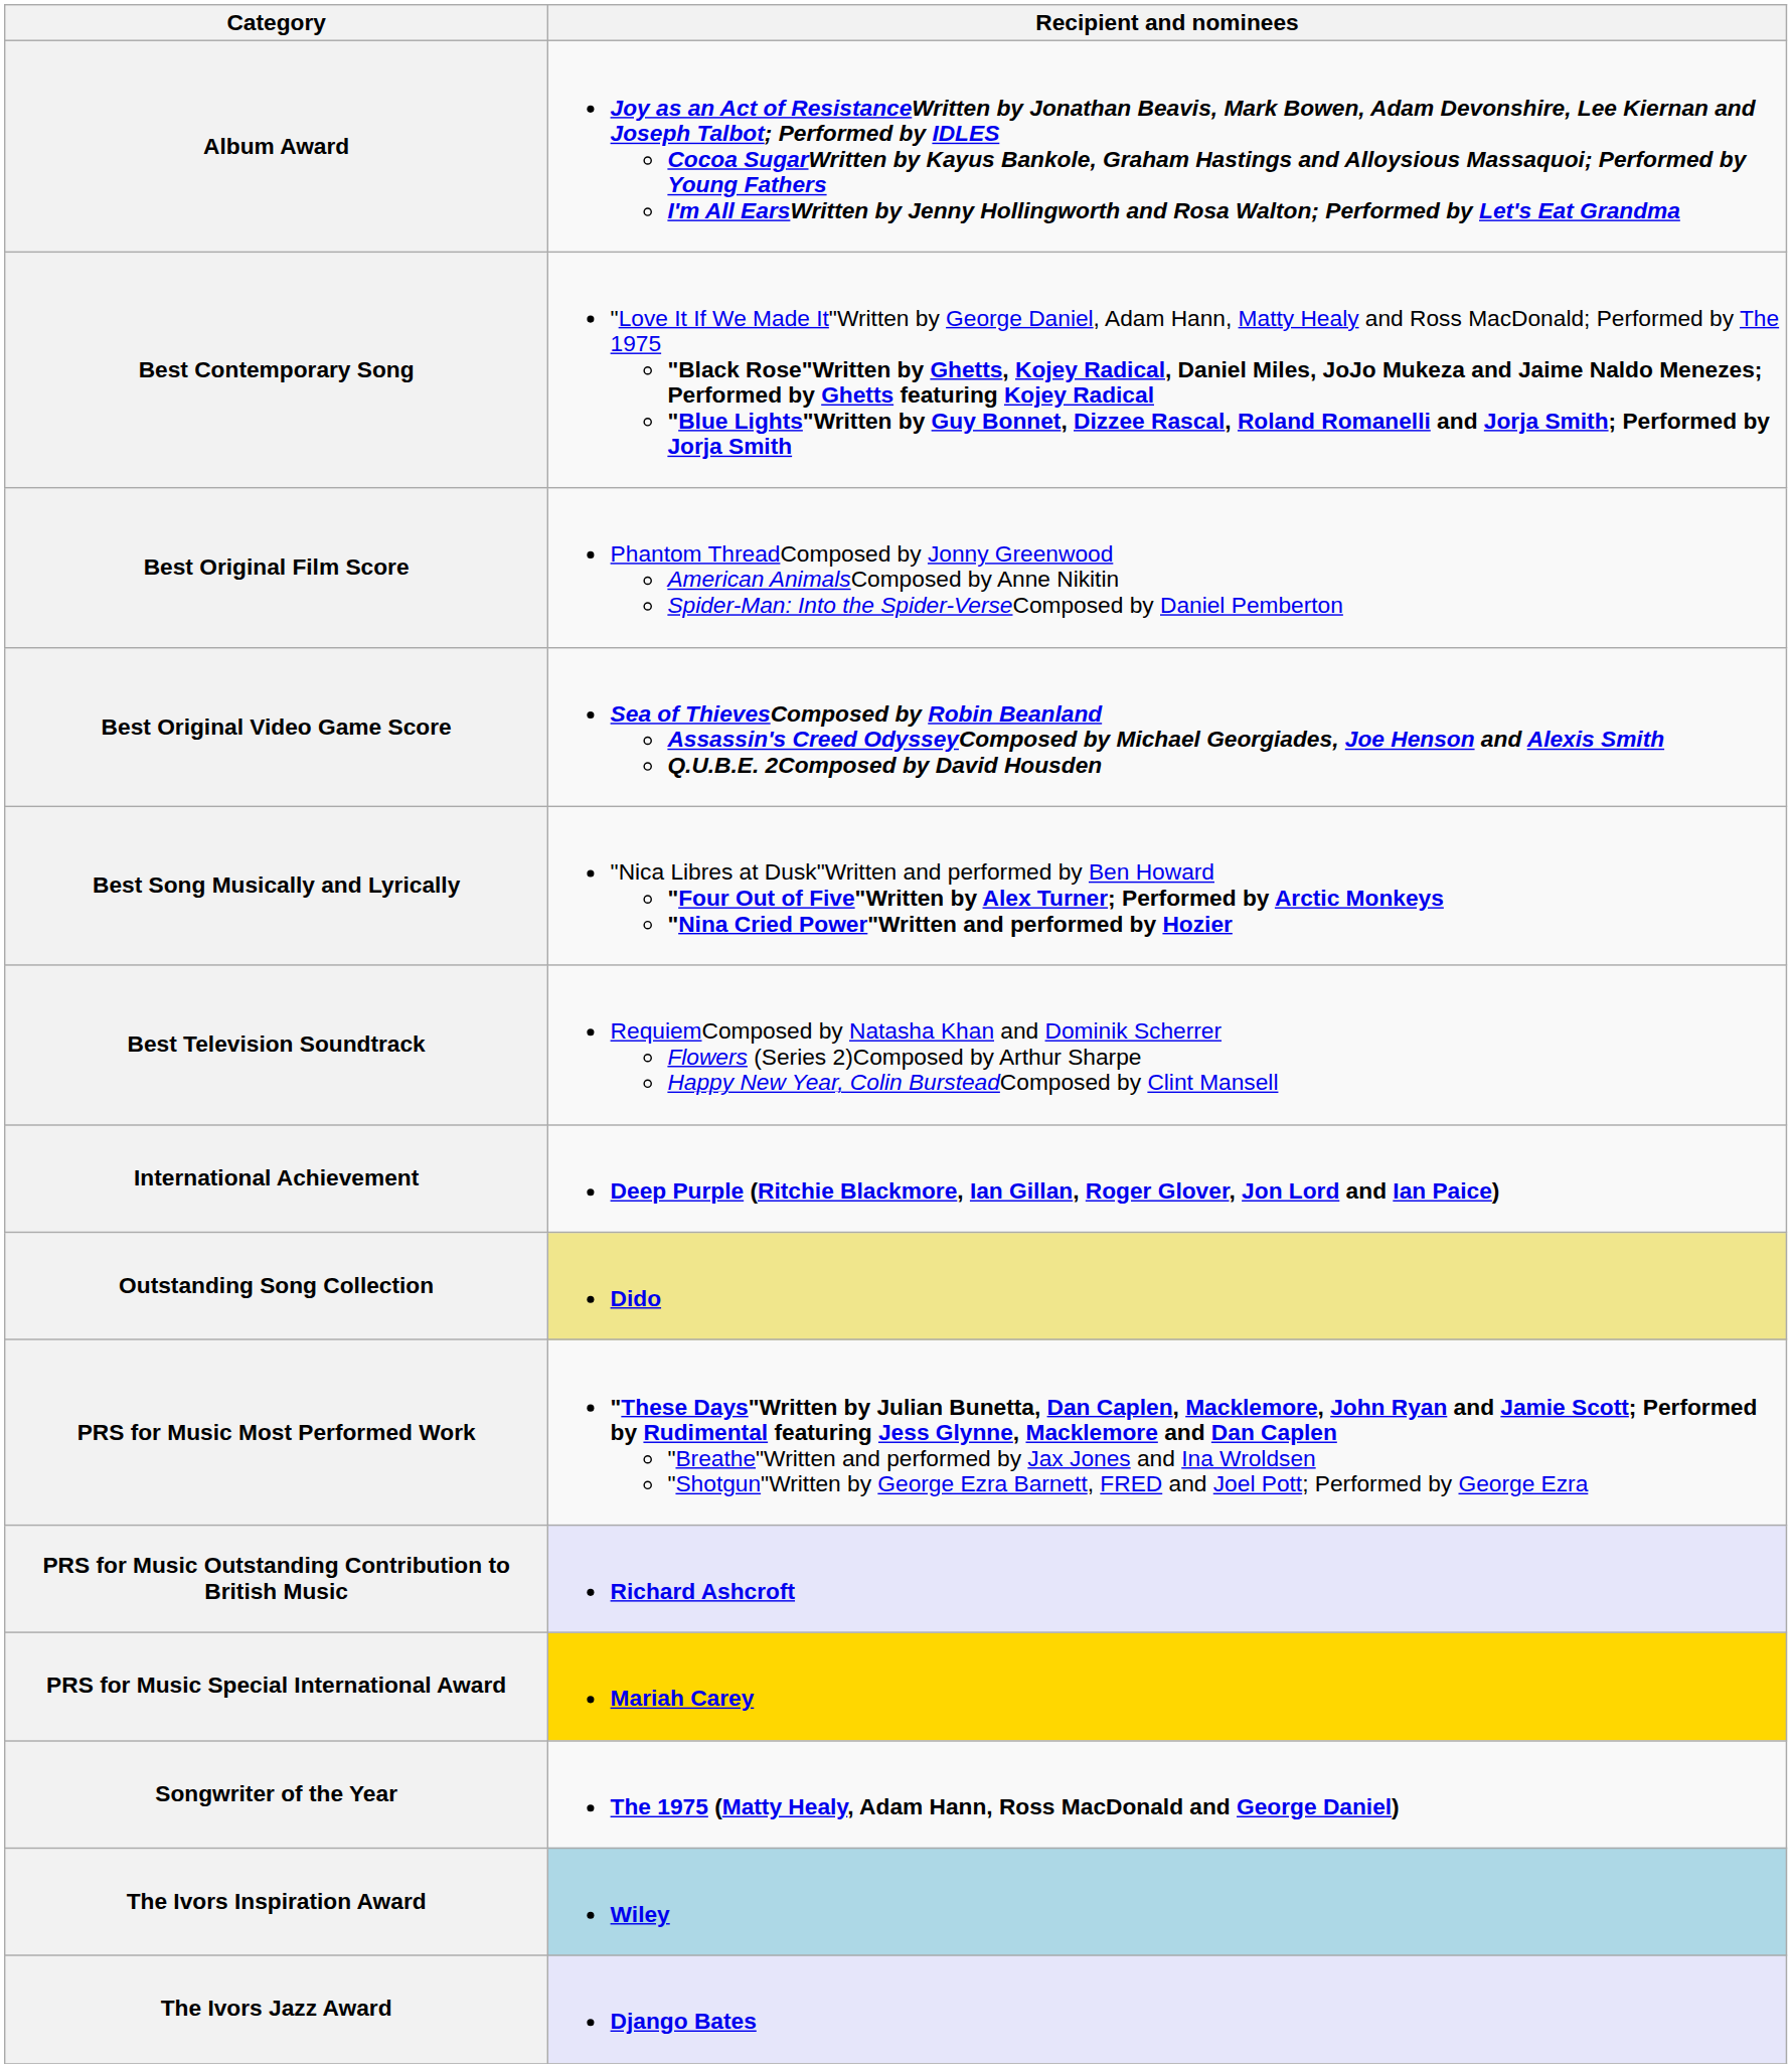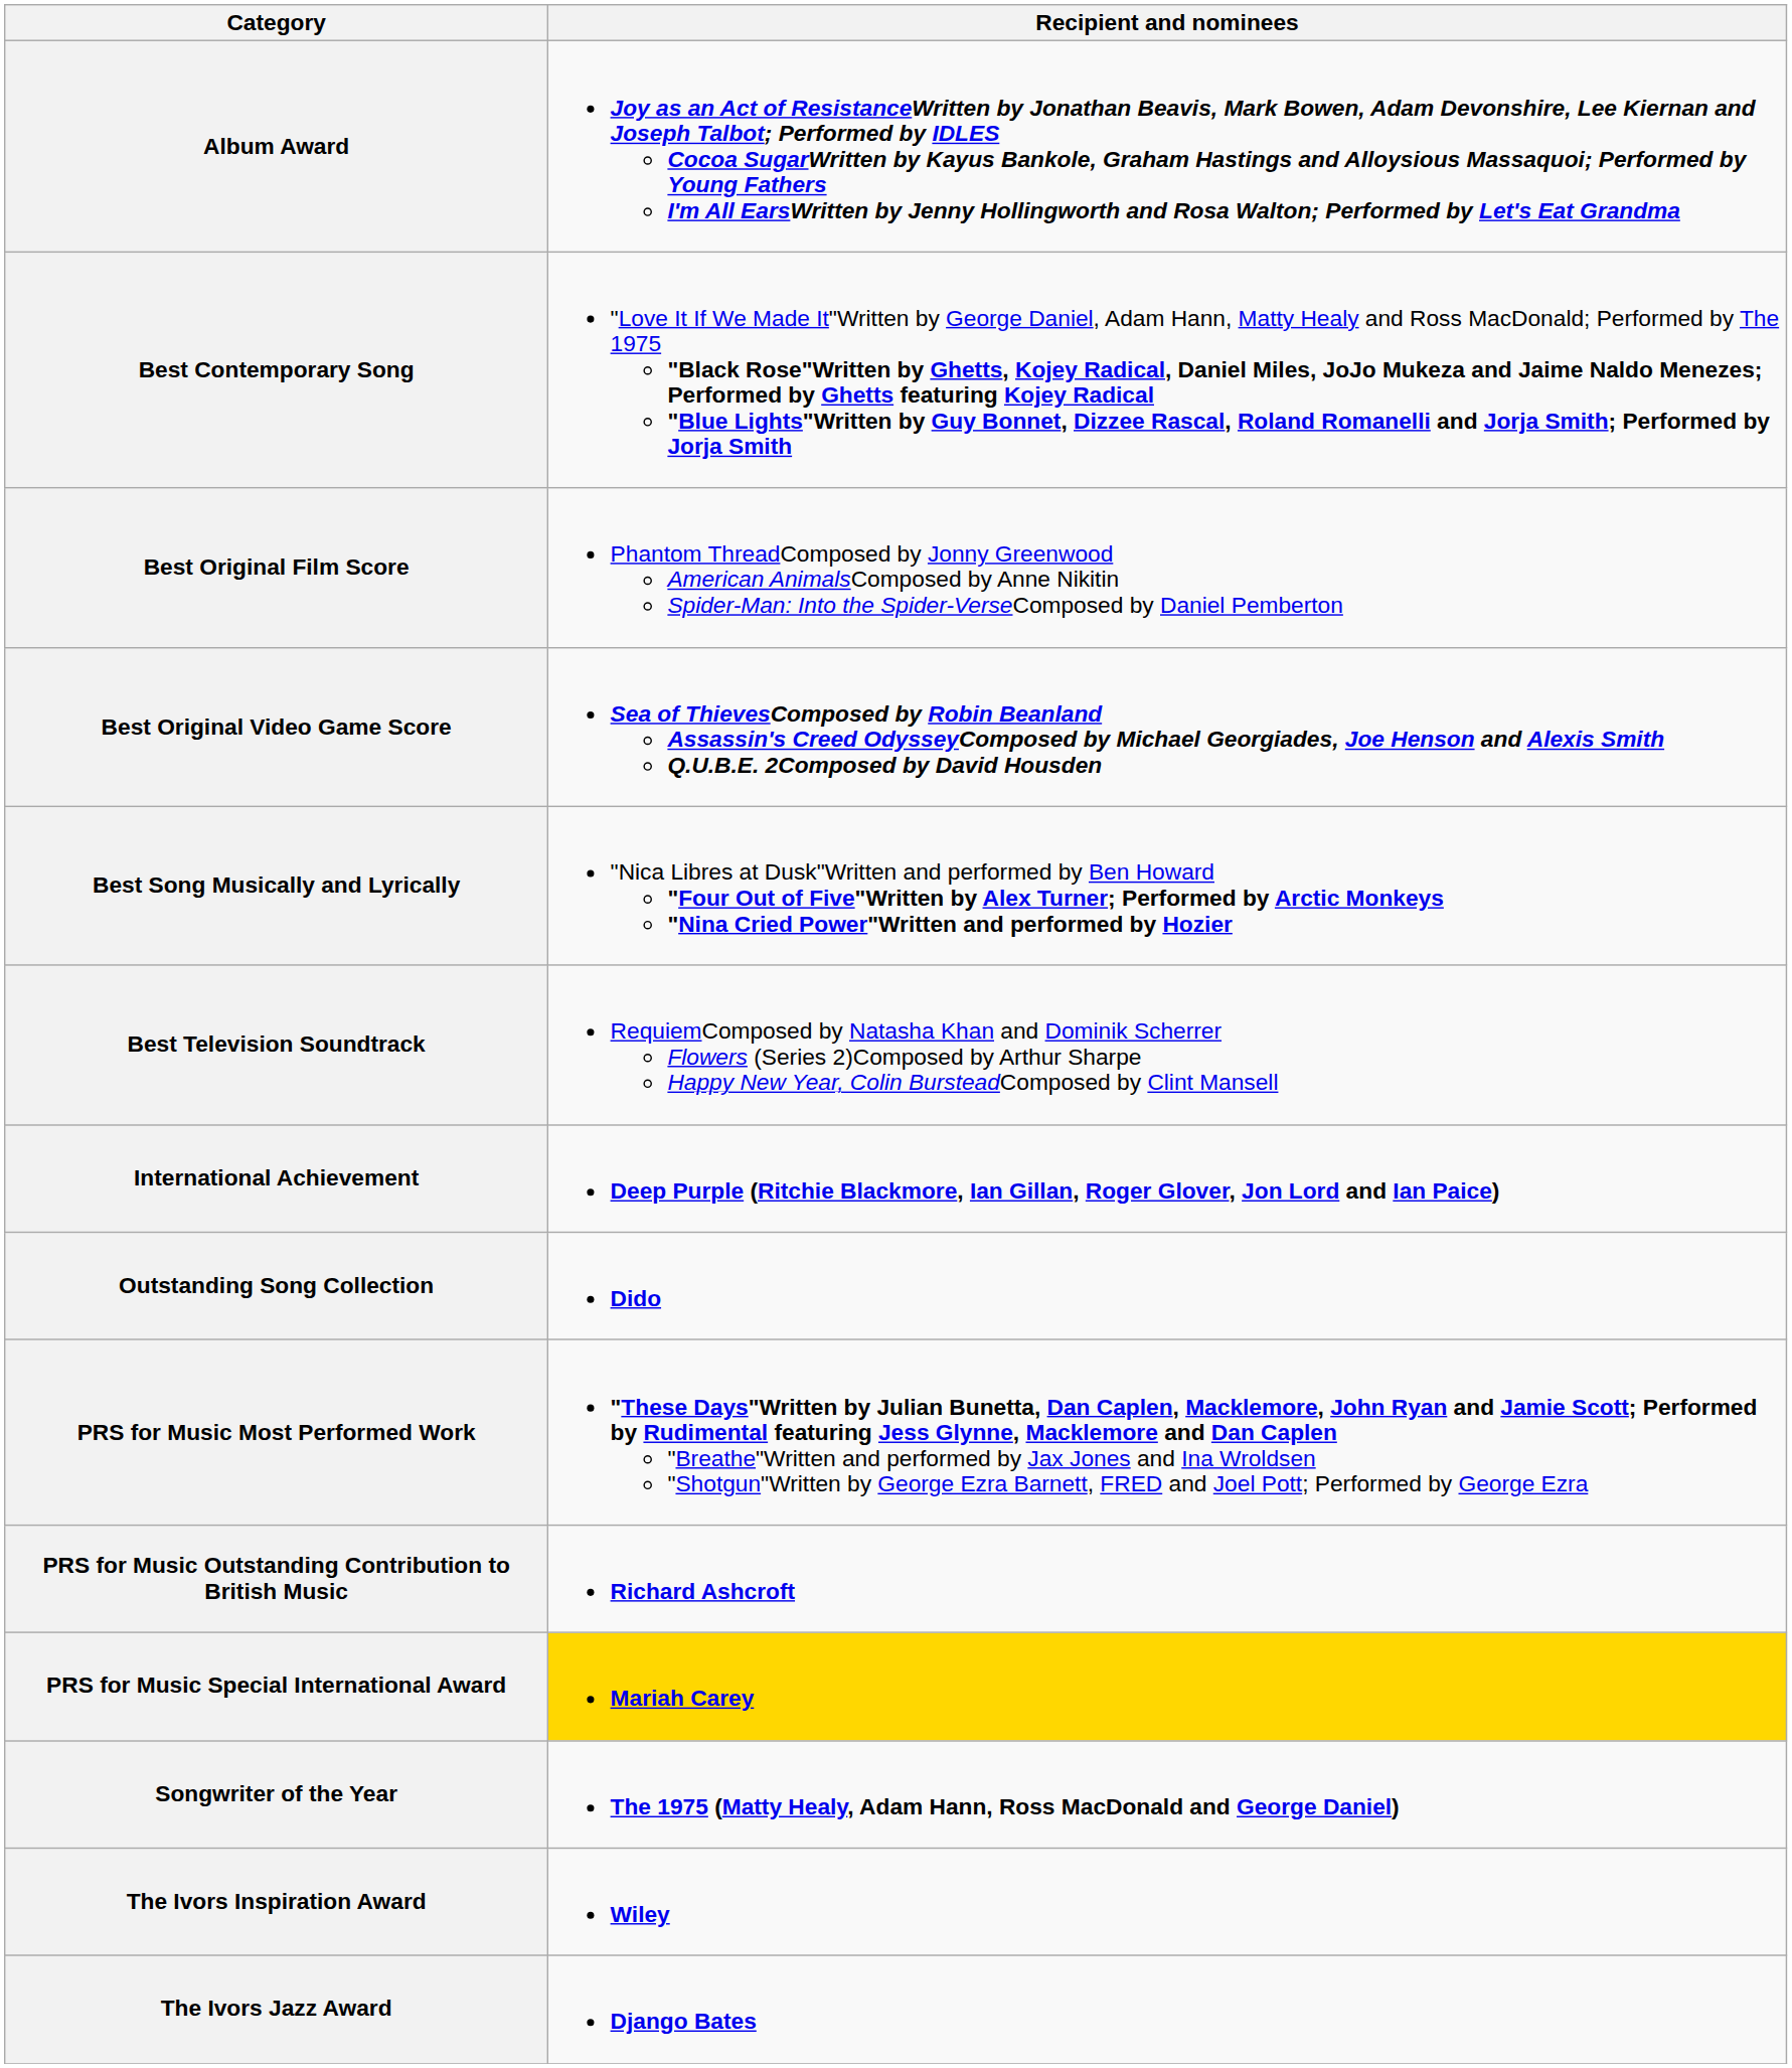 <table class="wikitable">
 <tr>
 <th width="25%">Category</th>
 <th width="57%">Recipient and nominees</th>
 </tr>
 <tr>
 <th scope="row">Album Award</th>
 <td><br><ul><li><strong><em><a href='#'>Joy as an Act of Resistance</a><em>Written by Jonathan Beavis, Mark Bowen, Adam Devonshire, Lee Kiernan and <a href='#'>Joseph Talbot</a>; Performed by <a href='#'>IDLES</a><strong><ul><li></em><a href='#'>Cocoa Sugar</a><em>Written by Kayus Bankole, Graham Hastings and Alloysious Massaquoi; Performed by <a href='#'>Young Fathers</a></li><li></em><a href='#'>I'm All Ears</a><em>Written by Jenny Hollingworth and Rosa Walton; Performed by <a href='#'>Let's Eat Grandma</a></li></ul></li></ul></td>
 </tr>
 <tr>
 <th scope="row">Best Contemporary Song</th>
 <td><br><ul><li></strong>"<a href='#'>Love It If We Made It</a>"Written by <a href='#'>George Daniel</a>, Adam Hann, <a href='#'>Matty Healy</a> and Ross MacDonald; Performed by <a href='#'>The 1975</a><strong><ul><li>"Black Rose"Written by <a href='#'>Ghetts</a>, <a href='#'>Kojey Radical</a>, Daniel Miles, JoJo Mukeza and Jaime Naldo Menezes; Performed by <a href='#'>Ghetts</a> featuring <a href='#'>Kojey Radical</a></li><li>"<a href='#'>Blue Lights</a>"Written by <a href='#'>Guy Bonnet</a>, <a href='#'>Dizzee Rascal</a>, <a href='#'>Roland Romanelli</a> and <a href='#'>Jorja Smith</a>; Performed by <a href='#'>Jorja Smith</a></li></ul></li></ul></td>
 </tr>
 <tr>
 <th scope="row">Best Original Film Score</th>
 <td><br><ul><li></em></strong><a href='#'>Phantom Thread</a></em>Composed by <a href='#'>Jonny Greenwood</a></strong><ul><li><em><a href='#'>American Animals</a></em>Composed by Anne Nikitin</li><li><em><a href='#'>Spider-Man: Into the Spider-Verse</a></em>Composed by <a href='#'>Daniel Pemberton</a></li></ul></li></ul></td>
 </tr>
 <tr>
 <th scope="row">Best Original Video Game Score</th>
 <td><br><ul><li><strong><em><a href='#'>Sea of Thieves</a><em>Composed by <a href='#'>Robin Beanland</a><strong><ul><li></em><a href='#'>Assassin's Creed Odyssey</a><em>Composed by Michael Georgiades, <a href='#'>Joe Henson</a> and <a href='#'>Alexis Smith</a></li><li></em>Q.U.B.E. 2<em>Composed by David Housden</li></ul></li></ul></td>
 </tr>
 <tr>
 <th scope="row">Best Song Musically and Lyrically</th>
 <td><br><ul><li></strong>"Nica Libres at Dusk"Written and performed by <a href='#'>Ben Howard</a><strong><ul><li>"<a href='#'>Four Out of Five</a>"Written by <a href='#'>Alex Turner</a>; Performed by <a href='#'>Arctic Monkeys</a></li><li>"<a href='#'>Nina Cried Power</a>"Written and performed by <a href='#'>Hozier</a></li></ul></li></ul></td>
 </tr>
 <tr>
 <th scope="row">Best Television Soundtrack</th>
 <td><br><ul><li></em></strong><a href='#'>Requiem</a></em>Composed by <a href='#'>Natasha Khan</a> and <a href='#'>Dominik Scherrer</a></strong><ul><li><em><a href='#'>Flowers</a></em> (Series 2)Composed by Arthur Sharpe</li><li><em><a href='#'>Happy New Year, Colin Burstead</a></em>Composed by <a href='#'>Clint Mansell</a></li></ul></li></ul></td>
 </tr>
 <tr>
 <th scope="row">International Achievement</th>
 <td><br><ul><li><strong><a href='#'>Deep Purple</a> (<a href='#'>Ritchie Blackmore</a>, <a href='#'>Ian Gillan</a>, <a href='#'>Roger Glover</a>, <a href='#'>Jon Lord</a> and <a href='#'>Ian Paice</a>)</strong></li></ul></td>
 </tr>
 <tr>
 <th scope="row">Outstanding Song Collection</th>
-<td style="background: khaki;"><br><ul><li><strong><a href='#'>Dido</a></strong></li></ul></td>
+<td><br><ul><li><strong><a href='#'>Dido</a></strong></li></ul></td>
 </tr>
 <tr>
 <th scope="row">PRS for Music Most Performed Work</th>
 <td><br><ul><li><strong>"<a href='#'>These Days</a>"Written by Julian Bunetta, <a href='#'>Dan Caplen</a>, <a href='#'>Macklemore</a>, <a href='#'>John Ryan</a> and <a href='#'>Jamie Scott</a>; Performed by <a href='#'>Rudimental</a> featuring <a href='#'>Jess Glynne</a>, <a href='#'>Macklemore</a> and <a href='#'>Dan Caplen</a></strong><ul><li>"<a href='#'>Breathe</a>"Written and performed by <a href='#'>Jax Jones</a> and <a href='#'>Ina Wroldsen</a></li><li>"<a href='#'>Shotgun</a>"Written by <a href='#'>George Ezra Barnett</a>, <a href='#'>FRED</a> and <a href='#'>Joel Pott</a>; Performed by <a href='#'>George Ezra</a></li></ul></li></ul></td>
 </tr>
 <tr>
 <th scope="row">PRS for Music Outstanding Contribution to British Music</th>
-<td style="background: lavender;"><br><ul><li><strong><a href='#'>Richard Ashcroft</a></strong></li></ul></td>
+<td><br><ul><li><strong><a href='#'>Richard Ashcroft</a></strong></li></ul></td>
 </tr>
 <tr>
 <th scope="row">PRS for Music Special International Award</th>
 <td style="background: gold;"><br><ul><li><strong><a href='#'>Mariah Carey</a></strong></li></ul></td>
 </tr>
 <tr>
 <th scope="row">Songwriter of the Year</th>
 <td><br><ul><li><strong><a href='#'>The 1975</a> (<a href='#'>Matty Healy</a>, Adam Hann, Ross MacDonald and <a href='#'>George Daniel</a>)</strong></li></ul></td>
 </tr>
 <tr>
 <th scope="row">The Ivors Inspiration Award</th>
-<td style="background: lightblue;"><br><ul><li><strong><a href='#'>Wiley</a></strong></li></ul></td>
+<td><br><ul><li><strong><a href='#'>Wiley</a></strong></li></ul></td>
 </tr>
 <tr>
 <th scope="row">The Ivors Jazz Award</th>
-<td style="background: lavender;"><br><ul><li><strong><a href='#'>Django Bates</a></strong></li></ul></td>
+<td><br><ul><li><strong><a href='#'>Django Bates</a></strong></li></ul></td>
 </tr>
 </table>
